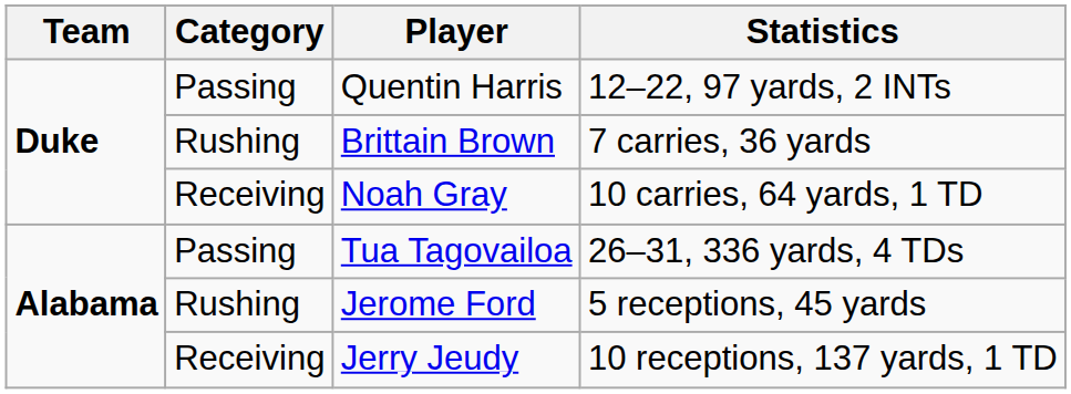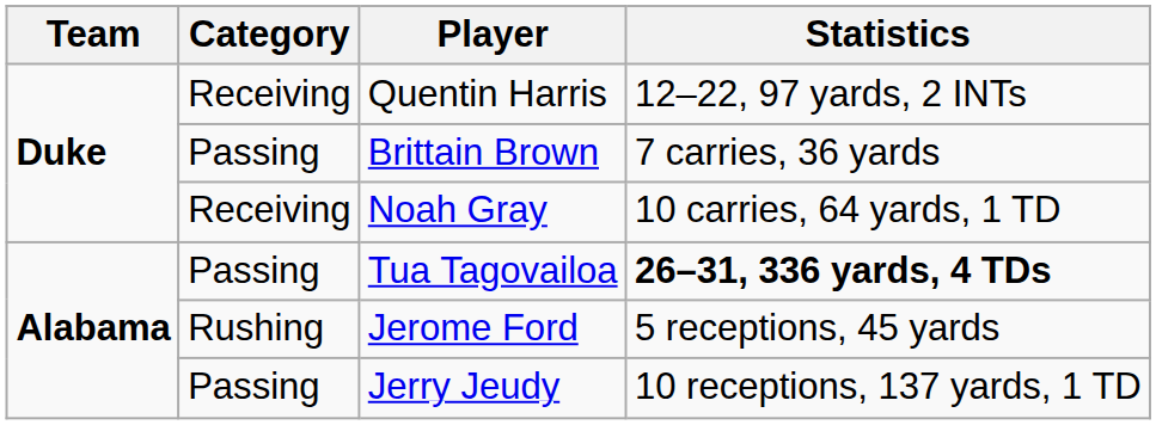 <table class="wikitable" style="float: right;">
 <tr>
 <th>Team</th>
 <th>Category</th>
 <th>Player</th>
 <th>Statistics</th>
 </tr>
 <tr>
 <td rowspan=3><strong>Duke</strong></td>
-<td>Passing</td>
+<td>Receiving</td>
 <td>Quentin Harris</td>
 <td>12–22, 97 yards, 2 INTs</td>
 </tr>
 <tr>
-<td>Rushing</td>
+<td>Passing</td>
 <td><a href='#'>Brittain Brown</a></td>
 <td>7 carries, 36 yards</td>
 </tr>
 <tr>
 <td>Receiving</td>
 <td><a href='#'>Noah Gray</a></td>
 <td>10 carries, 64 yards, 1 TD</td>
 </tr>
 <tr>
 <td rowspan=3><strong>Alabama</strong></td>
 <td>Passing</td>
 <td><a href='#'>Tua Tagovailoa</a></td>
-<td>26–31, 336 yards, 4 TDs</td>
+<td><strong>26–31, 336 yards, 4 TDs</strong></td>
 </tr>
 <tr>
 <td>Rushing</td>
 <td><a href='#'>Jerome Ford</a></td>
 <td>5 receptions, 45 yards</td>
 </tr>
 <tr>
-<td>Receiving</td>
+<td>Passing</td>
 <td><a href='#'>Jerry Jeudy</a></td>
 <td>10 receptions, 137 yards, 1 TD</td>
 </tr>
 </table>
